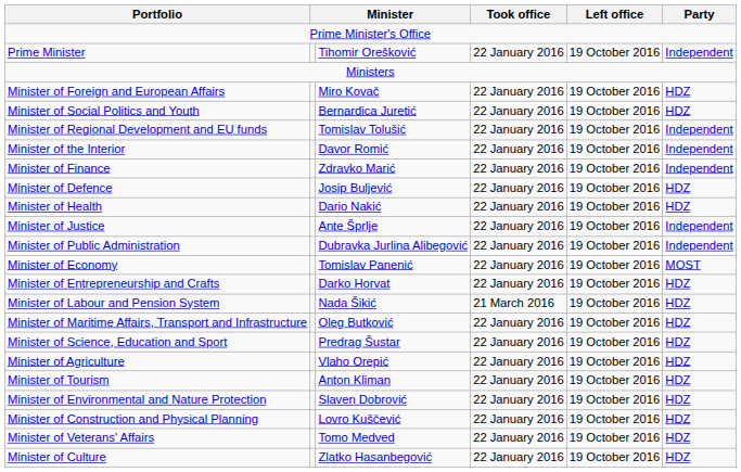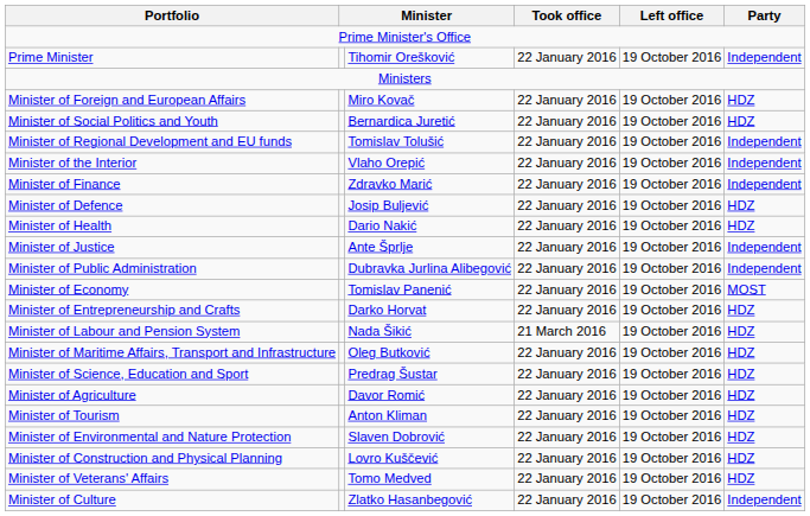 <table class="wikitable">
 <tr>
 <th style="text-align: center;">Portfolio</th>
 <th colspan="2" style="text-align: center;">Minister</th>
 <th style="text-align: center;">Took office</th>
 <th style="text-align: center;">Left office</th>
 <th style="text-align: center;">Party</th>
 </tr>
 <tr>
 <td colspan="7" style="text-align: center;"><a href='#'>Prime Minister's Office</a></td>
 </tr>
 <tr>
 <td><a href='#'>Prime Minister</a></td>
 <td style="background:"></td>
 <td><a href='#'>Tihomir Orešković</a></td>
 <td>22 January 2016</td>
 <td>19 October 2016</td>
 <td><a href='#'>Independent</a></td>
 </tr>
 <tr>
 <td colspan="7" style="text-align: center;"><a href='#'>Ministers</a></td>
 </tr>
 <tr>
 <td><a href='#'>Minister of Foreign and European Affairs</a></td>
 <td style="background:"></td>
 <td><a href='#'>Miro Kovač</a></td>
 <td>22 January 2016</td>
 <td>19 October 2016</td>
 <td><a href='#'>HDZ</a></td>
 </tr>
 <tr>
 <td><a href='#'>Minister of Social Politics and Youth</a></td>
 <td style="background:"></td>
 <td><a href='#'>Bernardica Juretić</a></td>
 <td>22 January 2016</td>
 <td>19 October 2016</td>
 <td><a href='#'>HDZ</a></td>
 </tr>
 <tr>
 <td><a href='#'>Minister of Regional Development and EU funds</a></td>
 <td style="background:"></td>
 <td><a href='#'>Tomislav Tolušić</a></td>
 <td>22 January 2016</td>
 <td>19 October 2016</td>
 <td><a href='#'>Independent</a></td>
 </tr>
 <tr>
 <td><a href='#'>Minister of the Interior</a></td>
 <td style="background:"></td>
-<td><a href='#'>Davor Romić</a></td>
+<td><a href='#'>Vlaho Orepić</a></td>
 <td>22 January 2016</td>
 <td>19 October 2016</td>
 <td><a href='#'>Independent</a></td>
 </tr>
 <tr>
 <td><a href='#'>Minister of Finance</a></td>
 <td style="background:"></td>
 <td><a href='#'>Zdravko Marić</a></td>
 <td>22 January 2016</td>
 <td>19 October 2016</td>
 <td><a href='#'>Independent</a></td>
 </tr>
 <tr>
 <td><a href='#'>Minister of Defence</a></td>
 <td style="background:"></td>
 <td><a href='#'>Josip Buljević</a></td>
 <td>22 January 2016</td>
 <td>19 October 2016</td>
 <td><a href='#'>HDZ</a></td>
 </tr>
 <tr>
 <td><a href='#'>Minister of Health</a></td>
 <td style="background:"></td>
 <td><a href='#'>Dario Nakić</a></td>
 <td>22 January 2016</td>
 <td>19 October 2016</td>
 <td><a href='#'>HDZ</a></td>
 </tr>
 <tr>
 <td><a href='#'>Minister of Justice</a></td>
 <td style="background:"></td>
 <td><a href='#'>Ante Šprlje</a></td>
 <td>22 January 2016</td>
 <td>19 October 2016</td>
 <td><a href='#'>Independent</a></td>
 </tr>
 <tr>
 <td><a href='#'>Minister of Public Administration</a></td>
 <td style="background:"></td>
 <td><a href='#'>Dubravka Jurlina Alibegović</a></td>
 <td>22 January 2016</td>
 <td>19 October 2016</td>
 <td><a href='#'>Independent</a></td>
 </tr>
 <tr>
 <td><a href='#'>Minister of Economy</a></td>
 <td style="background:"></td>
 <td><a href='#'>Tomislav Panenić</a></td>
 <td>22 January 2016</td>
 <td>19 October 2016</td>
 <td><a href='#'>MOST</a></td>
 </tr>
 <tr>
 <td><a href='#'>Minister of Entrepreneurship and Crafts</a></td>
 <td style="background:"></td>
 <td><a href='#'>Darko Horvat</a></td>
 <td>22 January 2016</td>
 <td>19 October 2016</td>
 <td><a href='#'>HDZ</a></td>
 </tr>
 <tr>
 <td><a href='#'>Minister of Labour and Pension System</a></td>
 <td style="background:"></td>
 <td><a href='#'>Nada Šikić</a></td>
 <td>21 March 2016</td>
 <td>19 October 2016</td>
 <td><a href='#'>HDZ</a></td>
 </tr>
 <tr>
 <td><a href='#'>Minister of Maritime Affairs, Transport and Infrastructure</a></td>
 <td style="background:"></td>
 <td><a href='#'>Oleg Butković</a></td>
 <td>22 January 2016</td>
 <td>19 October 2016</td>
 <td><a href='#'>HDZ</a></td>
 </tr>
 <tr>
 <td><a href='#'>Minister of Science, Education and Sport</a></td>
 <td style="background:"></td>
 <td><a href='#'>Predrag Šustar</a></td>
 <td>22 January 2016</td>
 <td>19 October 2016</td>
 <td><a href='#'>HDZ</a></td>
 </tr>
 <tr>
 <td><a href='#'>Minister of Agriculture</a></td>
 <td style="background:"></td>
-<td><a href='#'>Vlaho Orepić</a></td>
+<td><a href='#'>Davor Romić</a></td>
 <td>22 January 2016</td>
 <td>19 October 2016</td>
 <td><a href='#'>HDZ</a></td>
 </tr>
 <tr>
 <td><a href='#'>Minister of Tourism</a></td>
 <td style="background:"></td>
 <td><a href='#'>Anton Kliman</a></td>
 <td>22 January 2016</td>
 <td>19 October 2016</td>
 <td><a href='#'>HDZ</a></td>
 </tr>
 <tr>
 <td><a href='#'>Minister of Environmental and Nature Protection</a></td>
 <td style="background:"></td>
 <td><a href='#'>Slaven Dobrović</a></td>
 <td>22 January 2016</td>
 <td>19 October 2016</td>
 <td><a href='#'>HDZ</a></td>
 </tr>
 <tr>
 <td><a href='#'>Minister of Construction and Physical Planning</a></td>
 <td style="background:"></td>
 <td><a href='#'>Lovro Kuščević</a></td>
 <td>22 January 2016</td>
 <td>19 October 2016</td>
 <td><a href='#'>HDZ</a></td>
 </tr>
 <tr>
 <td><a href='#'>Minister of Veterans' Affairs</a></td>
 <td style="background:"></td>
 <td><a href='#'>Tomo Medved</a></td>
 <td>22 January 2016</td>
 <td>19 October 2016</td>
 <td><a href='#'>HDZ</a></td>
 </tr>
 <tr>
 <td><a href='#'>Minister of Culture</a></td>
 <td style="background:"></td>
 <td><a href='#'>Zlatko Hasanbegović</a></td>
 <td>22 January 2016</td>
 <td>19 October 2016</td>
-<td><a href='#'>HDZ</a></td>
+<td><a href='#'>Independent</a></td>
 </tr>
 </table>
